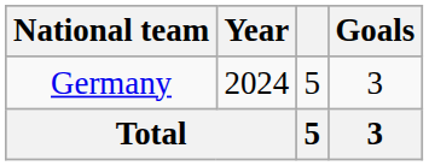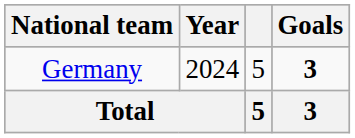 <table class="wikitable" style="text-align: center">
 <tr>
 <th>National team</th>
 <th>Year</th>
 <th></th>
 <th>Goals</th>
 </tr>
 <tr>
 <td><a href='#'>Germany</a></td>
 <td>2024</td>
 <td>5</td>
-<td>3</td>
+<td><strong>3</strong></td>
 </tr>
 <tr>
 <th colspan="2">Total</th>
 <th>5</th>
 <th>3</th>
 </tr>
 </table>
